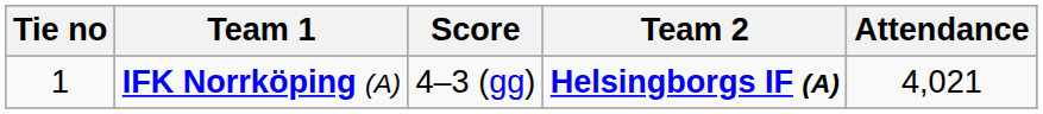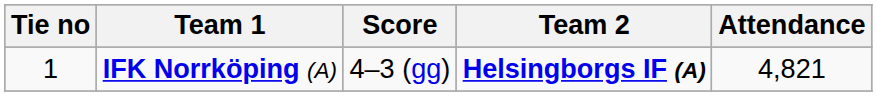 <table class="wikitable" style="text-align:center">
 <tr>
 <th style= style="width:40px;">Tie no</th>
 <th style= style="width:150px;">Team 1</th>
 <th style= style="width:60px;">Score</th>
 <th style= style="width:150px;">Team 2</th>
 <th style= style="width:30px;">Attendance</th>
 </tr>
 <tr>
 <td>1</td>
 <td><strong><a href='#'>IFK Norrköping</a></strong> <em><small>(A)</small></em></td>
 <td>4–3 (<a href='#'>gg</a>)</td>
 <td><strong><a href='#'>Helsingborgs IF</a> <em><small>(A)</small></em></strong></td>
-<td>4,021</td>
+<td>4,821</td>
 </tr>
 </table>
